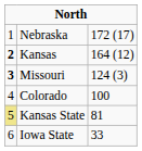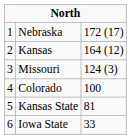 <table class="wikitable">
 <tr>
 <td colspan=3 align=center><strong>North</strong></td>
 </tr>
 <tr>
 <td>1</td>
 <td>Nebraska</td>
 <td>172 (17)</td>
 </tr>
 <tr>
-<td><strong>2</strong></td>
+<td>2</td>
 <td>Kansas</td>
 <td>164 (12)</td>
 </tr>
 <tr>
-<td><strong>3</strong></td>
+<td>3</td>
 <td>Missouri</td>
 <td>124 (3)</td>
 </tr>
 <tr>
 <td>4</td>
 <td>Colorado</td>
 <td>100</td>
 </tr>
 <tr>
-<td style="background: khaki;">5</td>
+<td>5</td>
 <td>Kansas State</td>
 <td>81</td>
 </tr>
 <tr>
 <td>6</td>
 <td>Iowa State</td>
 <td>33</td>
 </tr>
 </table>
